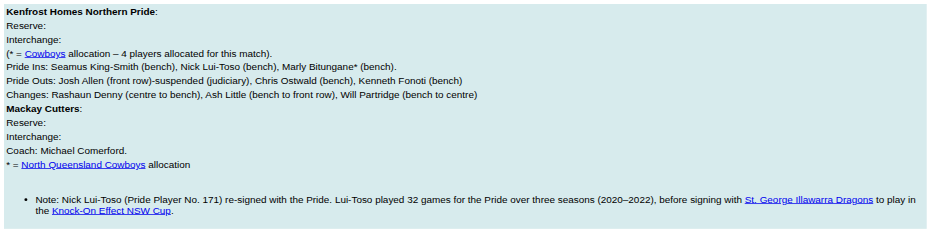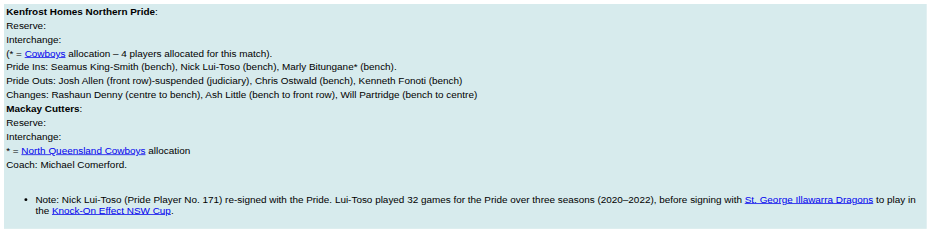 <table style="background:#d7ebed; font-size:85%; width:100%;">
 <tr>
 <td><strong>Kenfrost Homes Northern Pride</strong>:             </td>
 </tr>
 <tr>
 <td>Reserve: </td>
 </tr>
 <tr>
 <td>Interchange:    </td>
 </tr>
 <tr>
 <td>(* = <a href='#'>Cowboys</a> allocation – 4 players allocated for this match).</td>
 </tr>
 <tr>
 <td>Pride Ins: Seamus King-Smith (bench), Nick Lui-Toso (bench), Marly Bitungane* (bench).</td>
 </tr>
 <tr>
 <td>Pride Outs: Josh Allen (front row)-suspended (judiciary), Chris Ostwald (bench), Kenneth Fonoti (bench)</td>
 </tr>
 <tr>
 <td>Changes: Rashaun Denny (centre to bench), Ash Little (bench to front row), Will Partridge (bench to centre)</td>
 </tr>
 <tr>
 <td><strong>Mackay Cutters</strong>:             </td>
 </tr>
 <tr>
 <td>Reserve: </td>
 </tr>
 <tr>
 <td>Interchange:    </td>
 </tr>
 <tr>
-<td>Coach: Michael Comerford.</td>
+<td>* = <a href='#'>North Queensland Cowboys</a> allocation</td>
 </tr>
 <tr>
-<td>* = <a href='#'>North Queensland Cowboys</a> allocation</td>
+<td>Coach: Michael Comerford.</td>
 </tr>
 <tr>
 <td><br><ul><li>Note: Nick Lui-Toso (Pride Player No. 171) re-signed with the Pride. Lui-Toso played 32 games for the Pride over three seasons (2020–2022), before signing with <a href='#'>St. George Illawarra Dragons</a> to play in the <a href='#'>Knock-On Effect NSW Cup</a>.</li></ul></td>
 </tr>
 <tr>
 </tr>
 </table>
